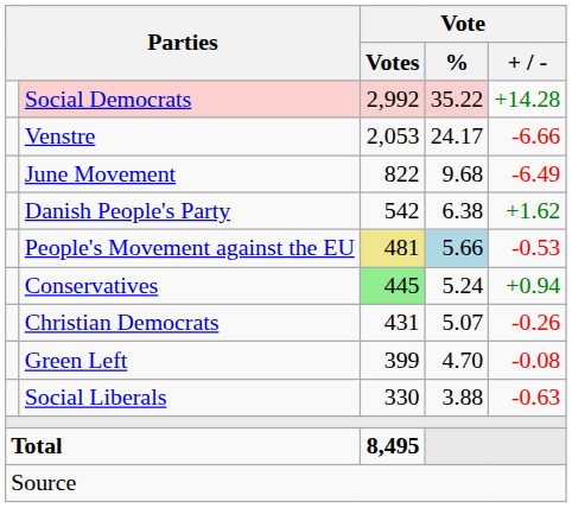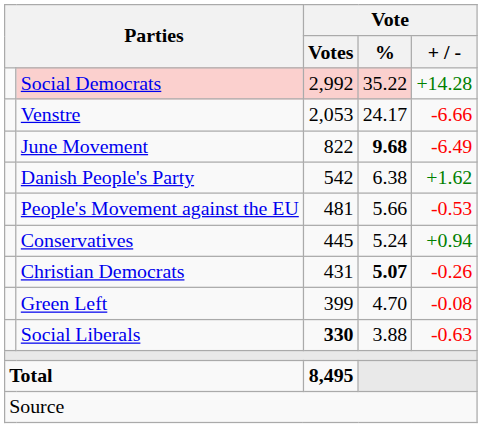 <table class="wikitable" style="text-align:right;">
 <tr>
 <th style="text-align:centre;" rowspan="2" colspan="2" width="225">Parties</th>
 <th colspan="3">Vote</th>
 </tr>
 <tr>
 <th width="15">Votes</th>
 <th width="15">%</th>
 <th width="15">+ / -</th>
 </tr>
 <tr>
 <td width="2" style="color:inherit;background:"></td>
 <td bgcolor=#fbd0ce   align="left"><a href='#'>Social Democrats</a></td>
 <td bgcolor=#fbd0ce>2,992</td>
 <td bgcolor=#fbd0ce>35.22</td>
 <td style=color:green;>+14.28</td>
 </tr>
 <tr>
 <td width="2" style="color:inherit;background:"></td>
 <td align="left"><a href='#'>Venstre</a></td>
 <td>2,053</td>
 <td>24.17</td>
 <td style=color:red;>-6.66</td>
 </tr>
 <tr>
 <td width="2" style="color:inherit;background:"></td>
 <td align="left"><a href='#'>June Movement</a></td>
 <td>822</td>
-<td>9.68</td>
+<td><strong>9.68</strong></td>
 <td style=color:red;>-6.49</td>
 </tr>
 <tr>
 <td width="2" style="color:inherit;background:"></td>
 <td align="left"><a href='#'>Danish People's Party</a></td>
 <td>542</td>
 <td>6.38</td>
 <td style=color:green;>+1.62</td>
 </tr>
 <tr>
 <td width="2" style="color:inherit;background:"></td>
 <td align="left"><a href='#'>People's Movement against the EU</a></td>
-<td style="background: khaki;">481</td>
-<td style="background: lightblue;">5.66</td>
+<td>481</td>
+<td>5.66</td>
 <td style=color:red;>-0.53</td>
 </tr>
 <tr>
 <td width="2" style="color:inherit;background:"></td>
 <td align="left"><a href='#'>Conservatives</a></td>
-<td style="background: lightgreen;">445</td>
+<td>445</td>
 <td>5.24</td>
 <td style=color:green;>+0.94</td>
 </tr>
 <tr>
 <td width="2" style="color:inherit;background:"></td>
 <td align="left"><a href='#'>Christian Democrats</a></td>
 <td>431</td>
-<td>5.07</td>
+<td><strong>5.07</strong></td>
 <td style=color:red;>-0.26</td>
 </tr>
 <tr>
 <td width="2" style="color:inherit;background:"></td>
 <td align="left"><a href='#'>Green Left</a></td>
 <td>399</td>
 <td>4.70</td>
 <td style=color:red;>-0.08</td>
 </tr>
 <tr>
 <td width="2" style="color:inherit;background:"></td>
 <td align="left"><a href='#'>Social Liberals</a></td>
-<td>330</td>
+<td><strong>330</strong></td>
 <td>3.88</td>
 <td style=color:red;>-0.63</td>
 </tr>
 <tr>
 <td colspan="7" bgcolor="#E9E9E9"></td>
 </tr>
 <tr>
 <td align="left" colspan="2"><strong>Total</strong></td>
 <td><strong>8,495</strong></td>
 <td bgcolor="#E9E9E9" colspan="2"></td>
 </tr>
 <tr>
 <td align="left" colspan="6">Source</td>
 </tr>
 </table>
